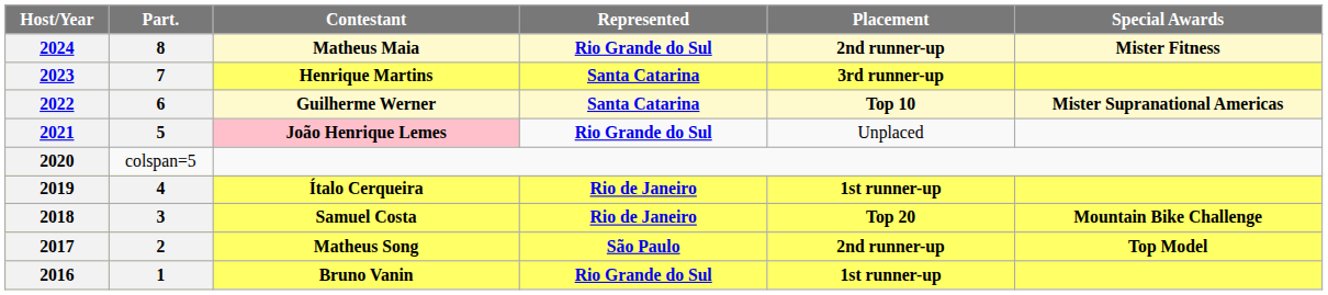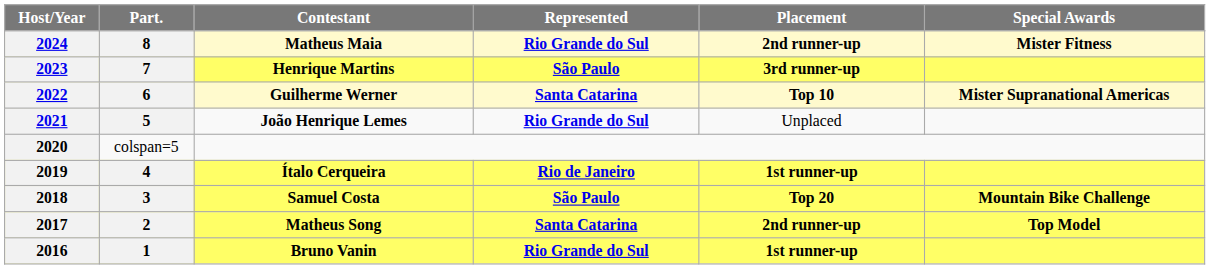 <table class="wikitable sortable" style="font-size: 90%; text-align:center">
 <tr>
 <th width="80" style="background-color:#787878;color:#FFFFFF;">Host/Year</th>
 <th width="80" style="background-color:#787878;color:#FFFFFF;">Part.</th>
 <th width="250" style="background-color:#787878;color:#FFFFFF;">Contestant</th>
 <th width="200" style="background-color:#787878;color:#FFFFFF;">Represented</th>
 <th width="200" style="background-color:#787878;color:#FFFFFF;">Placement</th>
 <th width="250" style="background-color:#787878;color:#FFFFFF;">Special Awards</th>
 </tr>
 <tr>
 </tr>
 <tr bgcolor=#FFFACD>
 <th><a href='#'>2024</a></th>
 <th>8</th>
 <td><strong>Matheus Maia</strong></td>
 <td><strong><a href='#'>Rio Grande do Sul</a></strong></td>
 <td><strong>2nd runner-up</strong></td>
 <td><strong>Mister Fitness</strong></td>
 </tr>
 <tr bgcolor="FFFF66">
 <th><a href='#'>2023</a></th>
 <th>7</th>
 <td><strong>Henrique Martins</strong></td>
-<td><strong><a href='#'>Santa Catarina</a></strong></td>
+<td><strong><a href='#'>São Paulo</a></strong></td>
 <td><strong>3rd runner-up</strong></td>
 <td></td>
 </tr>
 <tr bgcolor=#FFFACD>
 <th><a href='#'>2022</a></th>
 <th>6</th>
 <td><strong>Guilherme Werner</strong></td>
 <td><strong><a href='#'>Santa Catarina</a></strong></td>
 <td><strong>Top 10</strong></td>
 <td><strong>Mister Supranational Americas</strong></td>
 </tr>
 <tr>
 <th><a href='#'>2021</a></th>
 <th>5</th>
-<td style="background: pink;"><strong>João Henrique Lemes</strong></td>
+<td><strong>João Henrique Lemes</strong></td>
 <td><strong><a href='#'>Rio Grande do Sul</a></strong></td>
 <td>Unplaced</td>
 <td></td>
 </tr>
 <tr>
 <th>2020</th>
 <td>colspan=5 </td>
 </tr>
 <tr bgcolor="FFFF66">
 <th>2019</th>
 <th>4</th>
 <td><strong>Ítalo Cerqueira</strong></td>
 <td><strong><a href='#'>Rio de Janeiro</a></strong></td>
 <td><strong>1st runner-up</strong></td>
 <td></td>
 </tr>
 <tr bgcolor="FFFF66">
 <th>2018</th>
 <th>3</th>
 <td><strong>Samuel Costa</strong></td>
-<td><strong><a href='#'>Rio de Janeiro</a></strong></td>
+<td><strong><a href='#'>São Paulo</a></strong></td>
 <td><strong>Top 20</strong></td>
 <td><strong>Mountain Bike Challenge</strong></td>
 </tr>
 <tr bgcolor="FFFF66">
 <th>2017</th>
 <th>2</th>
 <td><strong>Matheus Song</strong></td>
-<td><strong><a href='#'>São Paulo</a></strong></td>
+<td><strong><a href='#'>Santa Catarina</a></strong></td>
 <td><strong>2nd runner-up</strong></td>
 <td><strong>Top Model</strong></td>
 </tr>
 <tr bgcolor="FFFF66">
 <th>2016</th>
 <th>1</th>
 <td><strong>Bruno Vanin</strong></td>
 <td><strong><a href='#'>Rio Grande do Sul</a></strong></td>
 <td><strong>1st runner-up</strong></td>
 <td></td>
 </tr>
 </table>
